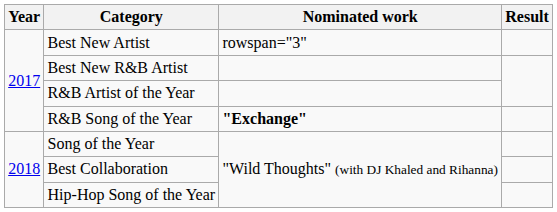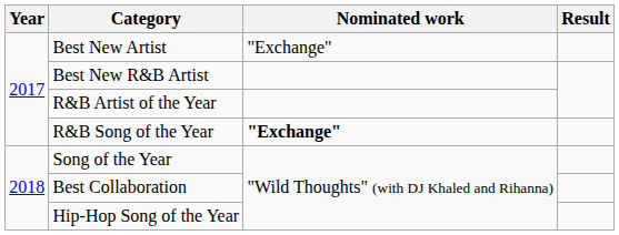 <table class="wikitable">
 <tr>
 <th>Year</th>
 <th>Category</th>
 <th>Nominated work</th>
 <th>Result</th>
 </tr>
 <tr>
 <td rowspan="4"><a href='#'>2017</a></td>
 <td>Best New Artist</td>
-<td>rowspan="3" </td>
+<td>"Exchange"</td>
 <td></td>
 </tr>
 <tr>
 <td>Best New R&B Artist</td>
 <td></td>
 </tr>
 <tr>
 <td>R&B Artist of the Year</td>
 <td></td>
 </tr>
 <tr>
 <td>R&B Song of the Year</td>
 <td><strong>"Exchange"</strong></td>
 <td></td>
 </tr>
 <tr>
 <td rowspan="3"><a href='#'>2018</a></td>
 <td>Song of the Year</td>
 <td rowspan="3">"Wild Thoughts" <small>(with DJ Khaled and Rihanna)</small></td>
 <td></td>
 </tr>
 <tr>
 <td>Best Collaboration</td>
 <td></td>
 </tr>
 <tr>
 <td>Hip-Hop Song of the Year</td>
 <td></td>
 </tr>
 <tr>
 </tr>
 </table>
